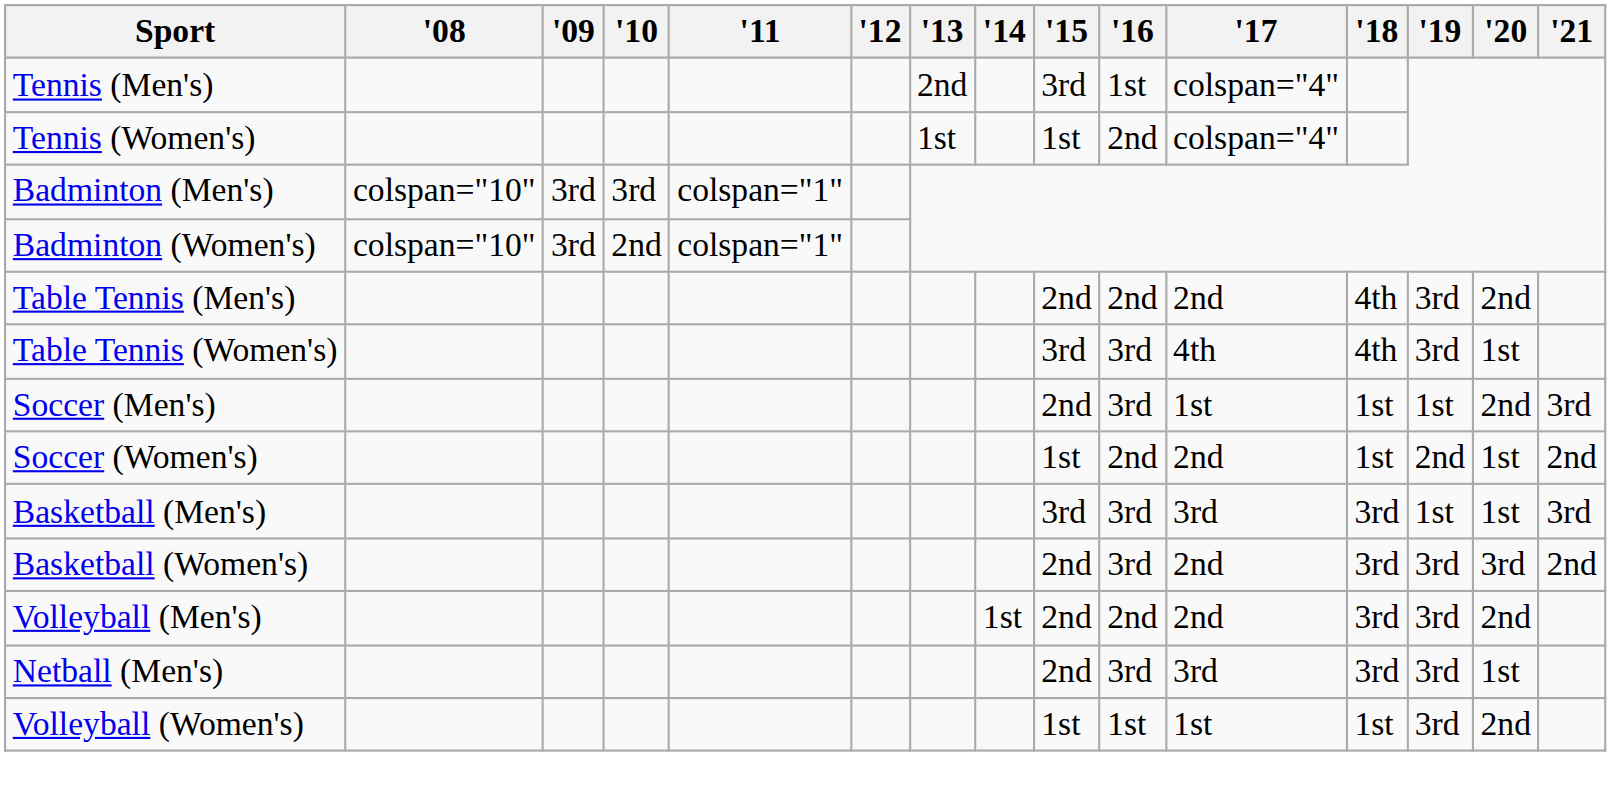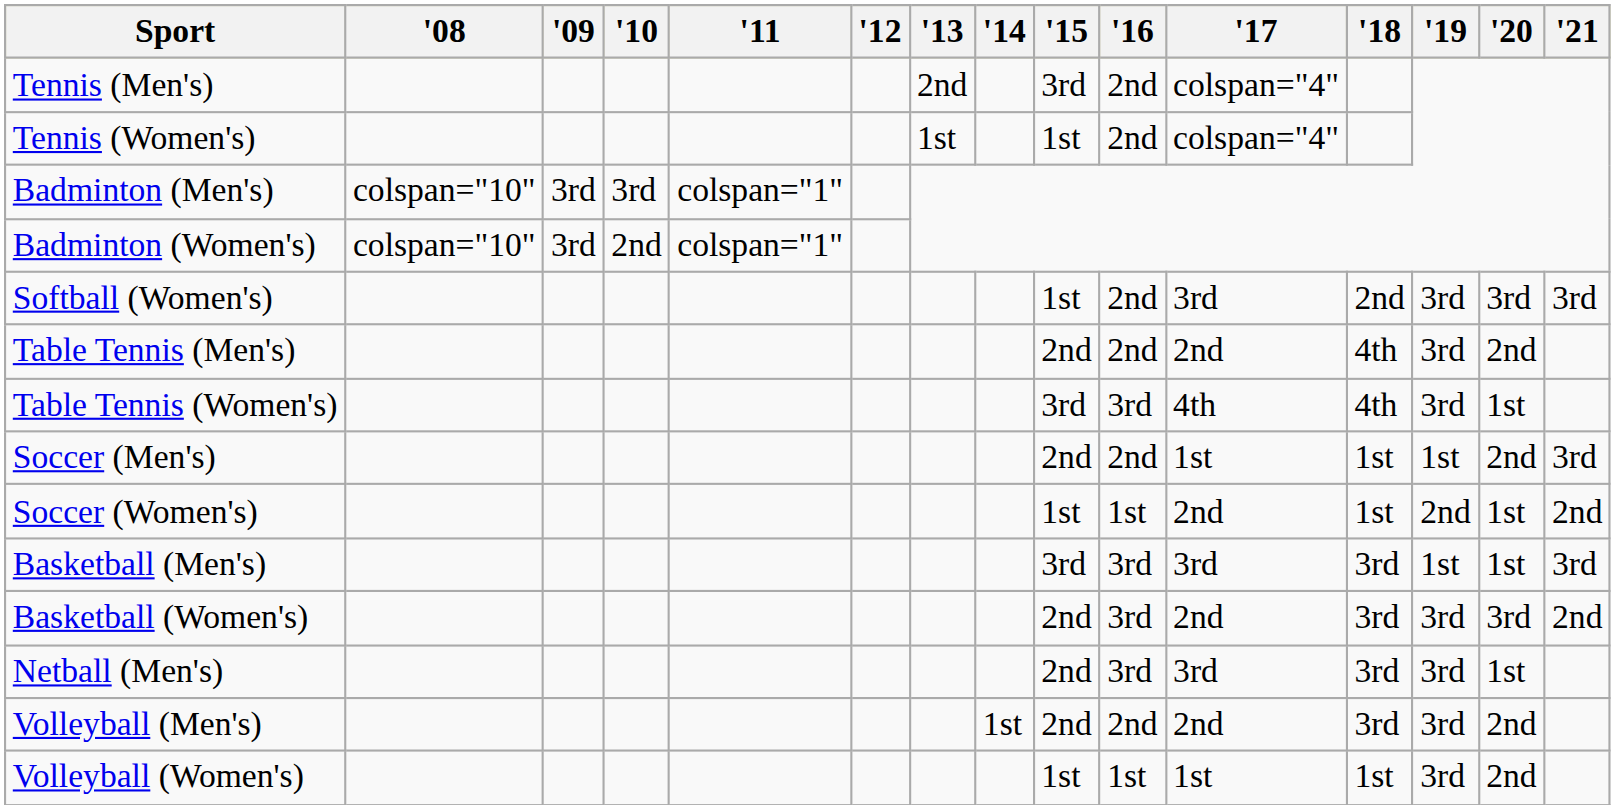 <table class="wikitable">
 <tr style="background:#bdb76b;">
 <th>Sport</th>
 <th>'08</th>
 <th>'09</th>
 <th>'10</th>
 <th>'11</th>
 <th>'12</th>
 <th>'13</th>
 <th>'14</th>
 <th>'15</th>
 <th>'16</th>
 <th>'17</th>
 <th>'18</th>
 <th>'19</th>
 <th>'20</th>
 <th>'21</th>
 </tr>
 <tr>
 <td><a href='#'>Tennis</a> (Men's)</td>
 <td></td>
 <td></td>
 <td></td>
 <td></td>
 <td></td>
 <td>2nd</td>
 <td></td>
 <td>3rd</td>
-<td>1st</td>
+<td>2nd</td>
 <td>colspan="4" </td>
 <td></td>
 </tr>
 <tr>
 <td><a href='#'>Tennis</a> (Women's)</td>
 <td></td>
 <td></td>
 <td></td>
 <td></td>
 <td></td>
 <td>1st</td>
 <td></td>
 <td>1st</td>
 <td>2nd</td>
 <td>colspan="4" </td>
 <td></td>
 </tr>
 <tr>
 <td><a href='#'>Badminton</a> (Men's)</td>
 <td>colspan="10" </td>
 <td>3rd</td>
 <td>3rd</td>
 <td>colspan="1" </td>
 <td></td>
 </tr>
 <tr>
 <td><a href='#'>Badminton</a> (Women's)</td>
 <td>colspan="10" </td>
 <td>3rd</td>
 <td>2nd</td>
 <td>colspan="1" </td>
 <td></td>
+</tr>
+<tr>
+<td><a href='#'>Softball</a> (Women's)</td>
+<td></td>
+<td></td>
+<td></td>
+<td></td>
+<td></td>
+<td></td>
+<td></td>
+<td>1st</td>
+<td>2nd</td>
+<td>3rd</td>
+<td>2nd</td>
+<td>3rd</td>
+<td>3rd</td>
+<td>3rd</td>
 </tr>
 <tr>
 <td><a href='#'>Table Tennis</a> (Men's)</td>
 <td></td>
 <td></td>
 <td></td>
 <td></td>
 <td></td>
 <td></td>
 <td></td>
 <td>2nd</td>
 <td>2nd</td>
 <td>2nd</td>
 <td>4th</td>
 <td>3rd</td>
 <td>2nd</td>
 <td></td>
 </tr>
 <tr>
 <td><a href='#'>Table Tennis</a> (Women's)</td>
 <td></td>
 <td></td>
 <td></td>
 <td></td>
 <td></td>
 <td></td>
 <td></td>
 <td>3rd</td>
 <td>3rd</td>
 <td>4th</td>
 <td>4th</td>
 <td>3rd</td>
 <td>1st</td>
 <td></td>
 </tr>
 <tr>
 <td><a href='#'>Soccer</a> (Men's)</td>
 <td></td>
 <td></td>
 <td></td>
 <td></td>
 <td></td>
 <td></td>
 <td></td>
 <td>2nd</td>
-<td>3rd</td>
+<td>2nd</td>
 <td>1st</td>
 <td>1st</td>
 <td>1st</td>
 <td>2nd</td>
 <td>3rd</td>
 </tr>
 <tr>
 <td><a href='#'>Soccer</a> (Women's)</td>
 <td></td>
 <td></td>
 <td></td>
 <td></td>
 <td></td>
 <td></td>
 <td></td>
 <td>1st</td>
-<td>2nd</td>
+<td>1st</td>
 <td>2nd</td>
 <td>1st</td>
 <td>2nd</td>
 <td>1st</td>
 <td>2nd</td>
 </tr>
 <tr>
 <td><a href='#'>Basketball</a> (Men's)</td>
 <td></td>
 <td></td>
 <td></td>
 <td></td>
 <td></td>
 <td></td>
 <td></td>
 <td>3rd</td>
 <td>3rd</td>
 <td>3rd</td>
 <td>3rd</td>
 <td>1st</td>
 <td>1st</td>
 <td>3rd</td>
 </tr>
 <tr>
 <td><a href='#'>Basketball</a> (Women's)</td>
 <td></td>
 <td></td>
 <td></td>
 <td></td>
 <td></td>
 <td></td>
 <td></td>
 <td>2nd</td>
 <td>3rd</td>
 <td>2nd</td>
 <td>3rd</td>
 <td>3rd</td>
 <td>3rd</td>
 <td>2nd</td>
 </tr>
 <tr>
+<td><a href='#'>Netball</a> (Men's)</td>
+<td></td>
+<td></td>
+<td></td>
+<td></td>
+<td></td>
+<td></td>
+<td></td>
+<td>2nd</td>
+<td>3rd</td>
+<td>3rd</td>
+<td>3rd</td>
+<td>3rd</td>
+<td>1st</td>
+<td></td>
+</tr>
+<tr>
 <td><a href='#'>Volleyball</a> (Men's)</td>
 <td></td>
 <td></td>
 <td></td>
 <td></td>
 <td></td>
 <td></td>
 <td>1st</td>
 <td>2nd</td>
 <td>2nd</td>
 <td>2nd</td>
 <td>3rd</td>
 <td>3rd</td>
 <td>2nd</td>
-<td></td>
-</tr>
-<tr>
-<td><a href='#'>Netball</a> (Men's)</td>
-<td></td>
-<td></td>
-<td></td>
-<td></td>
-<td></td>
-<td></td>
-<td></td>
-<td>2nd</td>
-<td>3rd</td>
-<td>3rd</td>
-<td>3rd</td>
-<td>3rd</td>
-<td>1st</td>
 <td></td>
 </tr>
 <tr>
 <td><a href='#'>Volleyball</a> (Women's)</td>
 <td></td>
 <td></td>
 <td></td>
 <td></td>
 <td></td>
 <td></td>
 <td></td>
 <td>1st</td>
 <td>1st</td>
 <td>1st</td>
 <td>1st</td>
 <td>3rd</td>
 <td>2nd</td>
 <td></td>
 </tr>
 </table>
